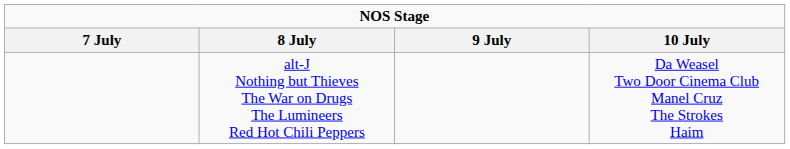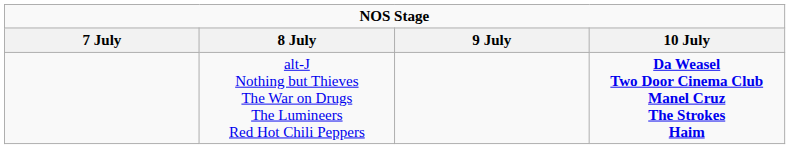 <table class="wikitable">
 <tr>
 <td colspan="4" align="center"><strong>NOS Stage</strong></td>
 </tr>
 <tr>
 <th>7 July</th>
 <th>8 July</th>
 <th>9 July</th>
 <th>10 July</th>
 </tr>
 <tr>
 <td valign="top" align="center" width="200"></td>
 <td valign="top" align="center" width="200"><a href='#'>alt-J</a><br><a href='#'>Nothing but Thieves</a><br><a href='#'>The War on Drugs</a><br><a href='#'>The Lumineers</a><br><a href='#'>Red Hot Chili Peppers</a></td>
 <td valign="top" align="center" width="200"></td>
-<td valign="top" align="center" width="200"><a href='#'>Da Weasel</a><br><a href='#'>Two Door Cinema Club</a><br><a href='#'>Manel Cruz</a><br><a href='#'>The Strokes</a><br><a href='#'>Haim</a></td>
+<td valign="top" align="center" width="200"><strong><a href='#'>Da Weasel</a><br><a href='#'>Two Door Cinema Club</a><br><a href='#'>Manel Cruz</a><br><a href='#'>The Strokes</a><br><a href='#'>Haim</a></strong></td>
 </tr>
 </table>
